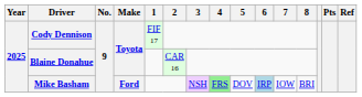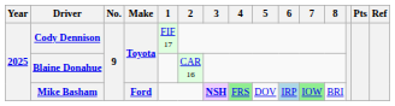 <table class="wikitable" style="text-align:center; font-size:75%">
 <tr>
 <th>Year</th>
 <th>Driver</th>
 <th>No.</th>
 <th>Make</th>
 <th>1</th>
 <th>2</th>
 <th>3</th>
 <th>4</th>
 <th>5</th>
 <th>6</th>
 <th>7</th>
 <th>8</th>
 <th></th>
 <th>Pts</th>
 <th>Ref</th>
 </tr>
 <tr>
 <th rowspan="3"><a href='#'>2025</a></th>
 <th><a href='#'>Cody Dennison</a></th>
 <th rowspan="3">9</th>
 <th rowspan="2"><a href='#'>Toyota</a></th>
 <td style="background:#DFFFDF;"><a href='#'>FIF</a><br><small>17</small></td>
 <td colspan="7"></td>
 <th rowspan="3"></th>
 <th rowspan="3"></th>
 <th rowspan="3"></th>
 </tr>
 <tr>
 <th><a href='#'>Blaine Donahue</a></th>
 <td></td>
 <td style="background:#DFFFDF;"><a href='#'>CAR</a><br><small>16</small></td>
 <td colspan="6"></td>
 </tr>
 <tr>
 <th><a href='#'>Mike Basham</a></th>
 <th><a href='#'>Ford</a></th>
 <td colspan="2"></td>
-<td style="background:#EFCFFF;"><a href='#'>NSH</a><br></td>
+<td style="background:#EFCFFF;"><strong><a href='#'>NSH</a><br></strong></td>
 <td style="background: lightgreen;"><a href='#'>FRS</a></td>
 <td><a href='#'>DOV</a></td>
 <td style="background: lightblue;"><a href='#'>IRP</a></td>
-<td><a href='#'>IOW</a></td>
+<td style="background: lightgreen;"><a href='#'>IOW</a></td>
 <td><a href='#'>BRI</a></td>
 </tr>
 </table>
